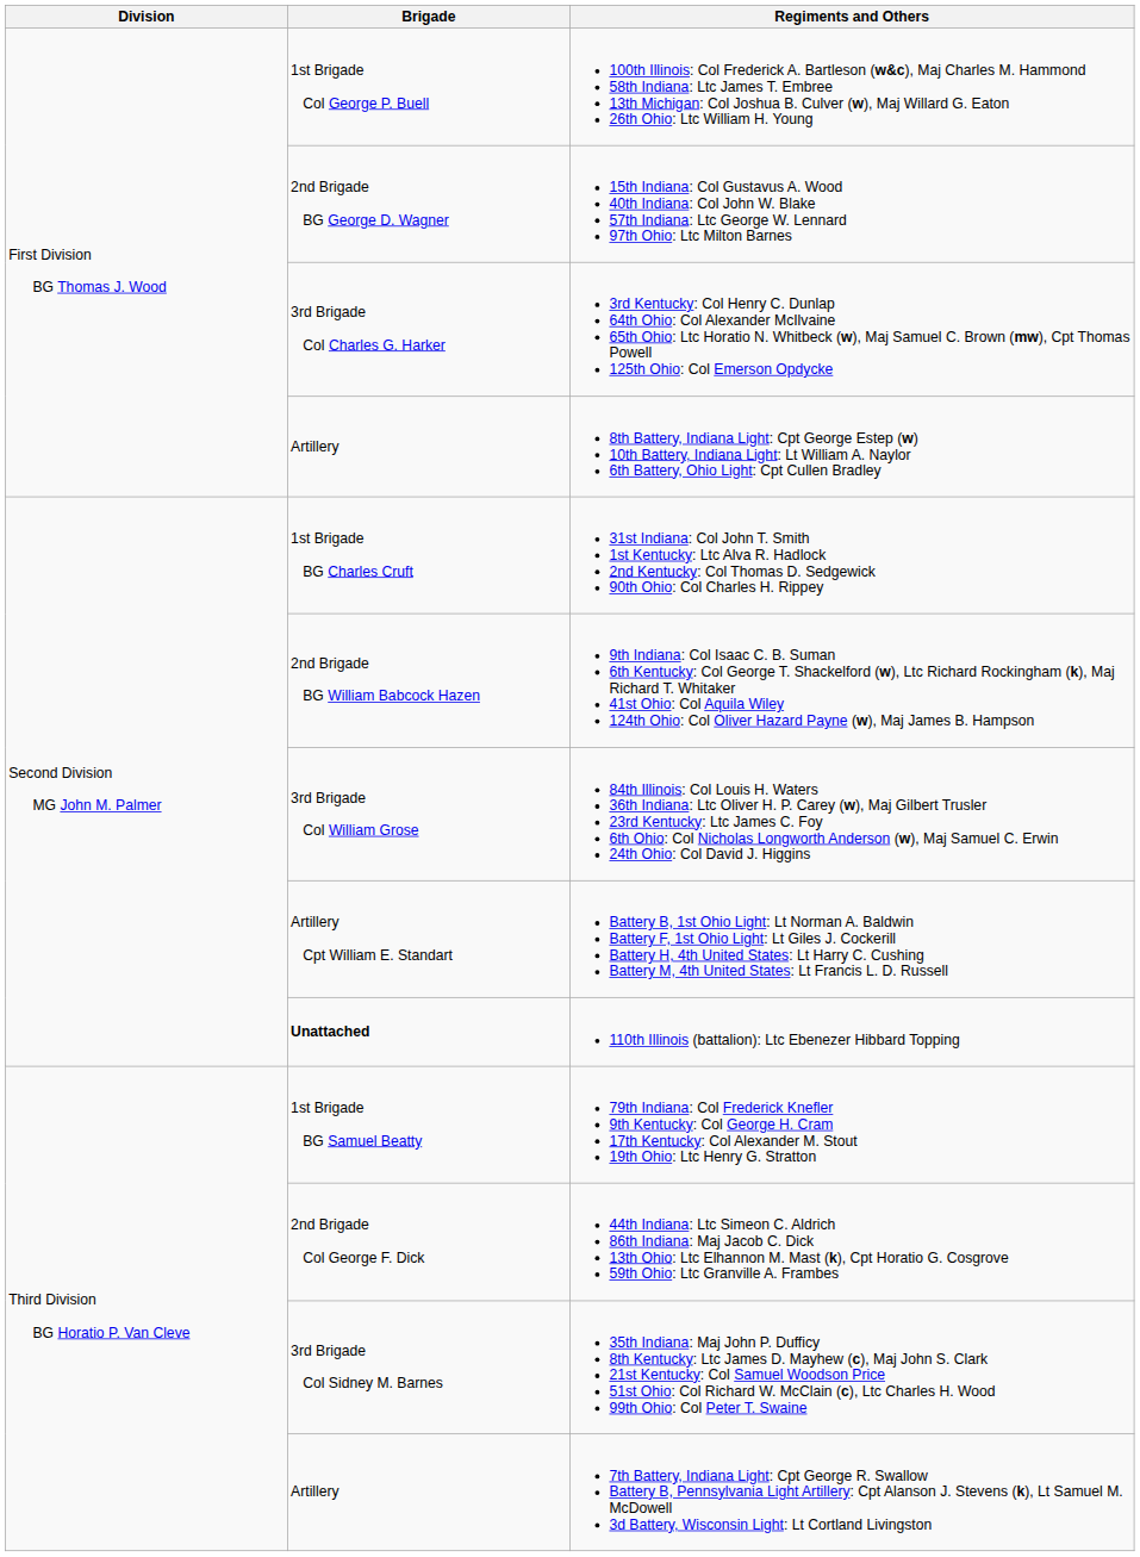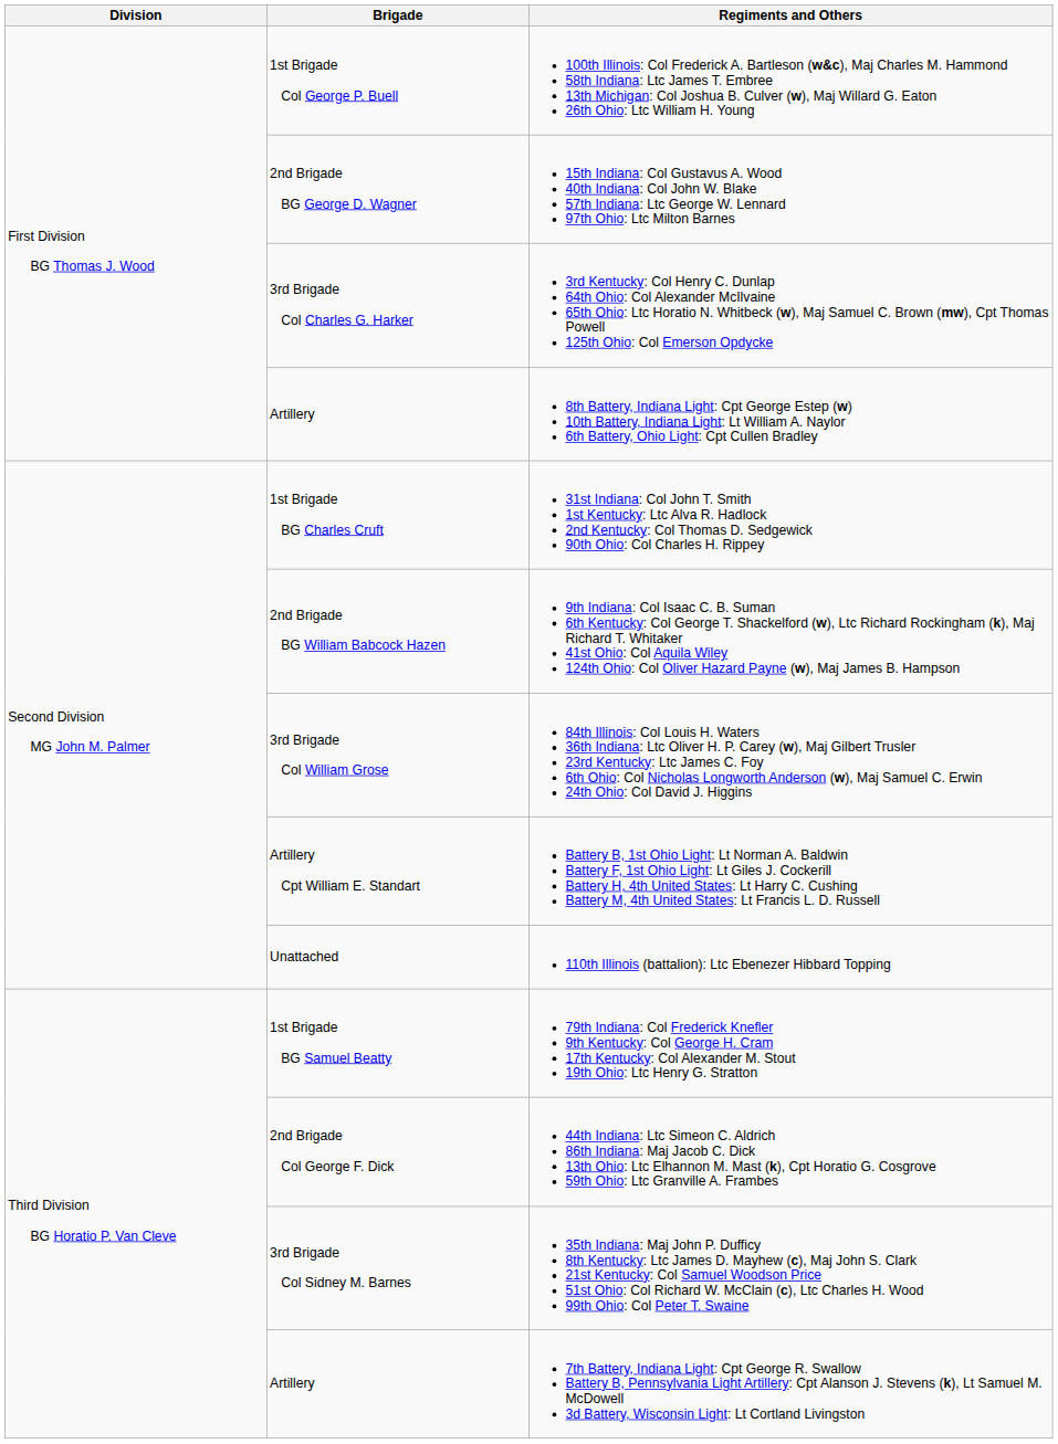 <table class="wikitable">
 <tr>
 <th width=25%>Division</th>
 <th width=25%>Brigade</th>
 <th>Regiments and Others</th>
 </tr>
 <tr>
 <td rowspan=4><br>First Division<br><br>      BG <a href='#'>Thomas J. Wood</a></td>
 <td>1st Brigade<br><br>   Col <a href='#'>George P. Buell</a></td>
 <td><br><ul><li><a href='#'>100th Illinois</a>: Col Frederick A. Bartleson (<strong>w&c</strong>), Maj Charles M. Hammond</li><li><a href='#'>58th Indiana</a>: Ltc James T. Embree</li><li><a href='#'>13th Michigan</a>: Col Joshua B. Culver (<strong>w</strong>), Maj Willard G. Eaton</li><li><a href='#'>26th Ohio</a>: Ltc William H. Young</li></ul></td>
 </tr>
 <tr>
 <td>2nd Brigade<br><br>   BG <a href='#'>George D. Wagner</a></td>
 <td><br><ul><li><a href='#'>15th Indiana</a>: Col Gustavus A. Wood</li><li><a href='#'>40th Indiana</a>: Col John W. Blake</li><li><a href='#'>57th Indiana</a>: Ltc George W. Lennard</li><li><a href='#'>97th Ohio</a>: Ltc Milton Barnes</li></ul></td>
 </tr>
 <tr>
 <td>3rd Brigade<br><br>   Col <a href='#'>Charles G. Harker</a></td>
 <td><br><ul><li><a href='#'>3rd Kentucky</a>: Col Henry C. Dunlap</li><li><a href='#'>64th Ohio</a>: Col Alexander McIlvaine</li><li><a href='#'>65th Ohio</a>: Ltc Horatio N. Whitbeck (<strong>w</strong>), Maj Samuel C. Brown (<strong>mw</strong>), Cpt Thomas Powell</li><li><a href='#'>125th Ohio</a>: Col <a href='#'>Emerson Opdycke</a></li></ul></td>
 </tr>
 <tr>
 <td>Artillery</td>
 <td><br><ul><li><a href='#'>8th Battery, Indiana Light</a>: Cpt George Estep (<strong>w</strong>)</li><li><a href='#'>10th Battery, Indiana Light</a>: Lt William A. Naylor</li><li><a href='#'>6th Battery, Ohio Light</a>: Cpt Cullen Bradley</li></ul></td>
 </tr>
 <tr>
 <td rowspan=5><br>Second Division<br><br>      MG <a href='#'>John M. Palmer</a></td>
 <td>1st Brigade<br><br>   BG <a href='#'>Charles Cruft</a></td>
 <td><br><ul><li><a href='#'>31st Indiana</a>: Col John T. Smith</li><li><a href='#'>1st Kentucky</a>: Ltc Alva R. Hadlock</li><li><a href='#'>2nd Kentucky</a>: Col Thomas D. Sedgewick</li><li><a href='#'>90th Ohio</a>: Col Charles H. Rippey</li></ul></td>
 </tr>
 <tr>
 <td>2nd Brigade<br><br>   BG <a href='#'>William Babcock Hazen</a></td>
 <td><br><ul><li><a href='#'>9th Indiana</a>: Col Isaac C. B. Suman</li><li><a href='#'>6th Kentucky</a>: Col George T. Shackelford (<strong>w</strong>), Ltc Richard Rockingham (<strong>k</strong>), Maj Richard T. Whitaker</li><li><a href='#'>41st Ohio</a>: Col <a href='#'>Aquila Wiley</a></li><li><a href='#'>124th Ohio</a>: Col <a href='#'>Oliver Hazard Payne</a> (<strong>w</strong>), Maj James B. Hampson</li></ul></td>
 </tr>
 <tr>
 <td>3rd Brigade<br><br>   Col <a href='#'>William Grose</a></td>
 <td><br><ul><li><a href='#'>84th Illinois</a>: Col Louis H. Waters</li><li><a href='#'>36th Indiana</a>: Ltc Oliver H. P. Carey (<strong>w</strong>), Maj Gilbert Trusler</li><li><a href='#'>23rd Kentucky</a>: Ltc James C. Foy</li><li><a href='#'>6th Ohio</a>: Col <a href='#'>Nicholas Longworth Anderson</a> (<strong>w</strong>), Maj Samuel C. Erwin</li><li><a href='#'>24th Ohio</a>: Col David J. Higgins</li></ul></td>
 </tr>
 <tr>
 <td>Artillery<br><br>   Cpt William E. Standart</td>
 <td><br><ul><li><a href='#'>Battery B, 1st Ohio Light</a>: Lt Norman A. Baldwin</li><li><a href='#'>Battery F, 1st Ohio Light</a>: Lt Giles J. Cockerill</li><li><a href='#'>Battery H, 4th United States</a>: Lt Harry C. Cushing</li><li><a href='#'>Battery M, 4th United States</a>: Lt Francis L. D. Russell</li></ul></td>
 </tr>
 <tr>
-<td><strong>Unattached</strong></td>
+<td>Unattached</td>
 <td><br><ul><li><a href='#'>110th Illinois</a> (battalion): Ltc Ebenezer Hibbard Topping</li></ul></td>
 </tr>
 <tr>
 <td rowspan=4><br>Third Division<br><br>      BG <a href='#'>Horatio P. Van Cleve</a></td>
 <td>1st Brigade<br><br>   BG <a href='#'>Samuel Beatty</a></td>
 <td><br><ul><li><a href='#'>79th Indiana</a>: Col <a href='#'>Frederick Knefler</a></li><li><a href='#'>9th Kentucky</a>: Col <a href='#'>George H. Cram</a></li><li><a href='#'>17th Kentucky</a>: Col Alexander M. Stout</li><li><a href='#'>19th Ohio</a>: Ltc Henry G. Stratton</li></ul></td>
 </tr>
 <tr>
 <td>2nd Brigade<br><br>   Col George F. Dick</td>
 <td><br><ul><li><a href='#'>44th Indiana</a>: Ltc Simeon C. Aldrich</li><li><a href='#'>86th Indiana</a>: Maj Jacob C. Dick</li><li><a href='#'>13th Ohio</a>: Ltc Elhannon M. Mast (<strong>k</strong>), Cpt Horatio G. Cosgrove</li><li><a href='#'>59th Ohio</a>: Ltc Granville A. Frambes</li></ul></td>
 </tr>
 <tr>
 <td>3rd Brigade<br><br>   Col Sidney M. Barnes</td>
 <td><br><ul><li><a href='#'>35th Indiana</a>: Maj John P. Dufficy</li><li><a href='#'>8th Kentucky</a>: Ltc James D. Mayhew (<strong>c</strong>), Maj John S. Clark</li><li><a href='#'>21st Kentucky</a>: Col <a href='#'>Samuel Woodson Price</a></li><li><a href='#'>51st Ohio</a>: Col Richard W. McClain (<strong>c</strong>), Ltc Charles H. Wood</li><li><a href='#'>99th Ohio</a>: Col <a href='#'>Peter T. Swaine</a></li></ul></td>
 </tr>
 <tr>
 <td>Artillery</td>
 <td><br><ul><li><a href='#'>7th Battery, Indiana Light</a>: Cpt George R. Swallow</li><li><a href='#'>Battery B, Pennsylvania Light Artillery</a>: Cpt Alanson J. Stevens (<strong>k</strong>), Lt Samuel M. McDowell</li><li><a href='#'>3d Battery, Wisconsin Light</a>: Lt Cortland Livingston</li></ul></td>
 </tr>
 </table>
